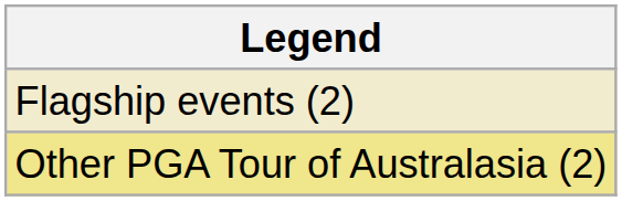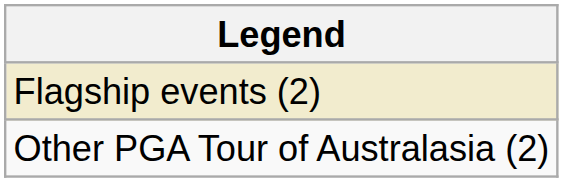 <table class="wikitable" style="font-size:95%">
 <tr>
 <th>Legend</th>
 </tr>
 <tr style="background:#f2ecce;">
 <td>Flagship events (2)</td>
 </tr>
 <tr>
-<td style="background: khaki;">Other PGA Tour of Australasia (2)</td>
+<td>Other PGA Tour of Australasia (2)</td>
 </tr>
 </table>
